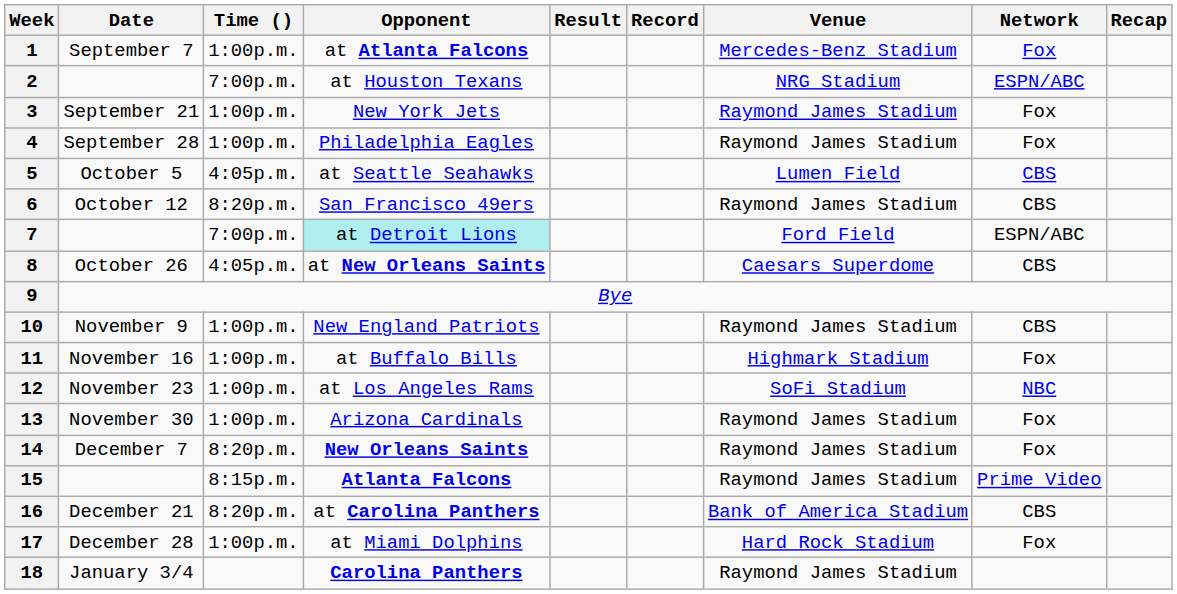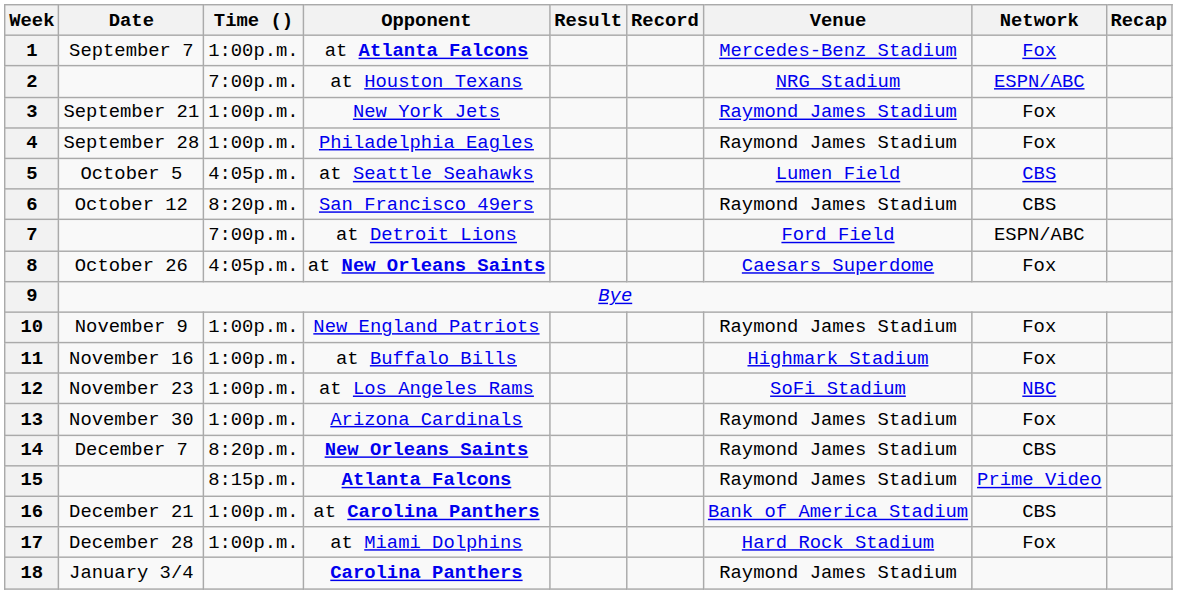 <table class="wikitable" style="text-align:center">
 <tr>
 <th>Week</th>
 <th>Date</th>
 <th>Time (<a href='#'></a>)</th>
 <th>Opponent</th>
 <th>Result</th>
 <th>Record</th>
 <th>Venue</th>
 <th>Network</th>
 <th>Recap</th>
 </tr>
 <tr>
 <th>1 </th>
 <td>September 7</td>
 <td>1:00p.m.</td>
 <td>at <strong><a href='#'>Atlanta Falcons</a></strong></td>
 <td></td>
 <td></td>
 <td><a href='#'>Mercedes-Benz Stadium</a></td>
 <td><a href='#'>Fox</a></td>
 <td></td>
 </tr>
 <tr>
 <th>2 </th>
 <td></td>
 <td>7:00p.m.</td>
 <td>at <a href='#'>Houston Texans</a></td>
 <td></td>
 <td></td>
 <td><a href='#'>NRG Stadium</a></td>
 <td><a href='#'>ESPN/ABC</a></td>
 <td></td>
 </tr>
 <tr>
 <th>3 </th>
 <td>September 21</td>
 <td>1:00p.m.</td>
 <td><a href='#'>New York Jets</a></td>
 <td></td>
 <td></td>
 <td><a href='#'>Raymond James Stadium</a></td>
 <td>Fox</td>
 <td></td>
 </tr>
 <tr>
 <th>4 </th>
 <td>September 28</td>
 <td>1:00p.m.</td>
 <td><a href='#'>Philadelphia Eagles</a></td>
 <td></td>
 <td></td>
 <td>Raymond James Stadium</td>
 <td>Fox</td>
 <td></td>
 </tr>
 <tr>
 <th>5 </th>
 <td>October 5</td>
 <td>4:05p.m.</td>
 <td>at <a href='#'>Seattle Seahawks</a></td>
 <td></td>
 <td></td>
 <td><a href='#'>Lumen Field</a></td>
 <td><a href='#'>CBS</a></td>
 <td></td>
 </tr>
 <tr>
 <th>6 </th>
 <td>October 12</td>
 <td>8:20p.m.</td>
 <td><a href='#'>San Francisco 49ers</a></td>
 <td></td>
 <td></td>
 <td>Raymond James Stadium</td>
 <td>CBS</td>
 <td></td>
 </tr>
 <tr>
 <th>7 </th>
 <td></td>
 <td>7:00p.m.</td>
-<td style="background: paleturquoise;">at <a href='#'>Detroit Lions</a></td>
+<td>at <a href='#'>Detroit Lions</a></td>
 <td></td>
 <td></td>
 <td><a href='#'>Ford Field</a></td>
 <td>ESPN/ABC</td>
 <td></td>
 </tr>
 <tr>
 <th>8 </th>
 <td>October 26</td>
 <td>4:05p.m.</td>
 <td>at <strong><a href='#'>New Orleans Saints</a></strong></td>
 <td></td>
 <td></td>
 <td><a href='#'>Caesars Superdome</a></td>
-<td>CBS</td>
+<td>Fox</td>
 <td></td>
 </tr>
 <tr>
 <th>9</th>
 <td colspan=8><em><a href='#'>Bye</a></em></td>
 </tr>
 <tr>
 <th>10 </th>
 <td>November 9</td>
 <td>1:00p.m.</td>
 <td><a href='#'>New England Patriots</a></td>
 <td></td>
 <td></td>
 <td>Raymond James Stadium</td>
-<td>CBS</td>
+<td>Fox</td>
 <td></td>
 </tr>
 <tr>
 <th>11 </th>
 <td>November 16</td>
 <td>1:00p.m.</td>
 <td>at <a href='#'>Buffalo Bills</a></td>
 <td></td>
 <td></td>
 <td><a href='#'>Highmark Stadium</a></td>
 <td>Fox</td>
 <td></td>
 </tr>
 <tr>
 <th>12 </th>
 <td>November 23</td>
 <td>1:00p.m.</td>
 <td>at <a href='#'>Los Angeles Rams</a></td>
 <td></td>
 <td></td>
 <td><a href='#'>SoFi Stadium</a></td>
 <td><a href='#'>NBC</a></td>
 <td></td>
 </tr>
 <tr>
 <th>13 </th>
 <td>November 30</td>
 <td>1:00p.m.</td>
 <td><a href='#'>Arizona Cardinals</a></td>
 <td></td>
 <td></td>
 <td>Raymond James Stadium</td>
 <td>Fox</td>
 <td></td>
 </tr>
 <tr>
 <th>14 </th>
 <td>December 7</td>
 <td>8:20p.m.</td>
 <td><strong><a href='#'>New Orleans Saints</a></strong></td>
 <td></td>
 <td></td>
 <td>Raymond James Stadium</td>
-<td>Fox</td>
+<td>CBS</td>
 <td></td>
 </tr>
 <tr>
 <th>15 </th>
 <td></td>
 <td>8:15p.m.</td>
 <td><strong><a href='#'>Atlanta Falcons</a></strong></td>
 <td></td>
 <td></td>
 <td>Raymond James Stadium</td>
 <td><a href='#'>Prime Video</a></td>
 <td></td>
 </tr>
 <tr>
 <th>16 </th>
 <td>December 21</td>
-<td>8:20p.m.</td>
+<td>1:00p.m.</td>
 <td>at <strong><a href='#'>Carolina Panthers</a></strong></td>
 <td></td>
 <td></td>
 <td><a href='#'>Bank of America Stadium</a></td>
 <td>CBS</td>
 <td></td>
 </tr>
 <tr>
 <th>17 </th>
 <td>December 28</td>
 <td>1:00p.m.</td>
 <td>at <a href='#'>Miami Dolphins</a></td>
 <td></td>
 <td></td>
 <td><a href='#'>Hard Rock Stadium</a></td>
 <td>Fox</td>
 <td></td>
 </tr>
 <tr>
 <th>18 </th>
 <td>January 3/4</td>
 <td></td>
 <td><strong><a href='#'>Carolina Panthers</a></strong></td>
 <td></td>
 <td></td>
 <td>Raymond James Stadium</td>
 <td></td>
 <td></td>
 </tr>
 </table>
